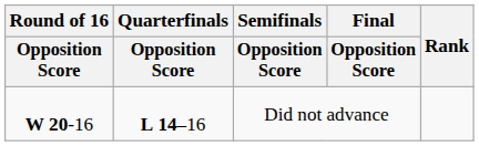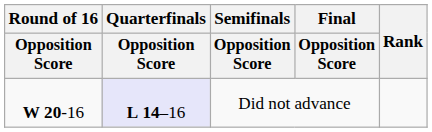 <table class=wikitable style="font-size:90%">
 <tr>
 <th>Round of 16</th>
 <th>Quarterfinals</th>
 <th>Semifinals</th>
 <th>Final</th>
 <th rowspan=2>Rank</th>
 </tr>
 <tr style="font-size:95%">
 <th>Opposition<br>Score</th>
 <th>Opposition<br>Score</th>
 <th>Opposition<br>Score</th>
 <th>Opposition<br>Score</th>
 </tr>
 <tr align=center>
 <td><br><strong>W</strong>  <strong>20</strong>-16</td>
-<td><br><strong>L</strong>  <strong>14</strong>–16</td>
+<td style="background: lavender;"><br><strong>L</strong>  <strong>14</strong>–16</td>
 <td colspan=2>Did not advance</td>
 <td></td>
 </tr>
 </table>
